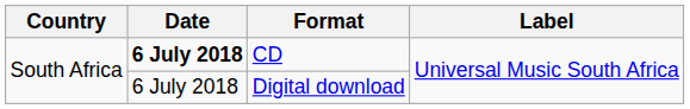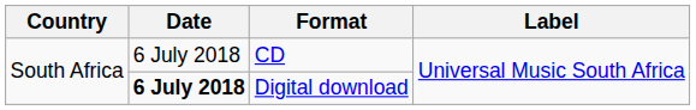 <table class="wikitable">
 <tr>
 <th>Country</th>
 <th>Date</th>
 <th>Format</th>
 <th>Label</th>
 </tr>
 <tr>
 <td rowspan="2">South Africa</td>
-<td><strong>6 July 2018</strong></td>
+<td>6 July 2018</td>
 <td><a href='#'>CD</a></td>
 <td rowspan="2"><a href='#'>Universal Music South Africa</a></td>
 </tr>
 <tr>
-<td>6 July 2018</td>
+<td><strong>6 July 2018</strong></td>
 <td><a href='#'>Digital download</a></td>
 </tr>
 </table>
